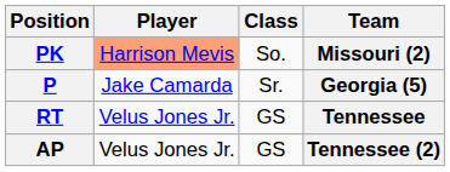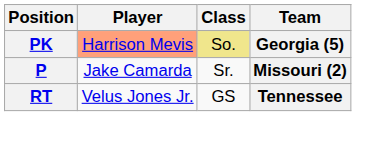 <table class="wikitable">
 <tr>
 <th>Position</th>
 <th>Player</th>
 <th>Class</th>
 <th>Team</th>
 </tr>
 <tr style="text-align:center;">
 <th rowspan="1"><a href='#'>PK</a></th>
 <td style="background: lightsalmon;"><a href='#'>Harrison Mevis</a></td>
-<td>So.</td>
-<th>Missouri (2)</th>
+<td style="background: khaki;">So.</td>
+<th>Georgia (5)</th>
 </tr>
 <tr style="text-align:center;">
 <th rowspan="1"><a href='#'>P</a></th>
 <td><a href='#'>Jake Camarda</a></td>
 <td>Sr.</td>
-<th>Georgia (5)</th>
+<th>Missouri (2)</th>
 </tr>
 <tr style="text-align:center;">
 <th rowspan="1"><a href='#'>RT</a></th>
 <td><a href='#'>Velus Jones Jr.</a></td>
 <td>GS</td>
 <th>Tennessee</th>
 </tr>
-<tr style="text-align:center;">
-<th rowspan="1">AP</th>
-<td>Velus Jones Jr.</td>
-<td>GS</td>
-<th style=>Tennessee (2)</th>
-</tr>
 </table>
